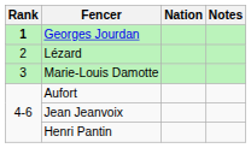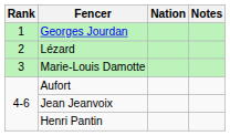 <table class="wikitable sortable" style="text-align:center">
 <tr>
 <th>Rank</th>
 <th>Fencer</th>
 <th>Nation</th>
 <th>Notes</th>
 </tr>
 <tr bgcolor=bbf3bb>
-<td><strong>1</strong></td>
+<td>1</td>
 <td align=left><a href='#'>Georges Jourdan</a></td>
 <td align=left></td>
 <td></td>
 </tr>
 <tr bgcolor=bbf3bb>
 <td>2</td>
 <td align=left>Lézard</td>
 <td align=left></td>
 <td></td>
 </tr>
 <tr bgcolor=bbf3bb>
 <td>3</td>
 <td align=left>Marie-Louis Damotte</td>
 <td align=left></td>
 <td></td>
 </tr>
 <tr>
 <td rowspan=3>4-6</td>
 <td align=left>Aufort</td>
 <td align=left></td>
 <td></td>
 </tr>
 <tr>
 <td align=left>Jean Jeanvoix</td>
 <td align=left></td>
 <td></td>
 </tr>
 <tr>
 <td align=left>Henri Pantin</td>
 <td align=left></td>
 <td></td>
 </tr>
 </table>
